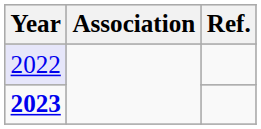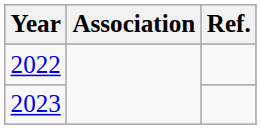 <table class="wikitable">
 <tr>
 <th>Year</th>
 <th>Association</th>
 <th>Ref.</th>
 </tr>
 <tr>
-<td style="background: lavender;"><a href='#'>2022</a></td>
+<td><a href='#'>2022</a></td>
 <td rowspan=2></td>
 <td></td>
 </tr>
 <tr>
-<td><strong><a href='#'>2023</a></strong></td>
+<td><a href='#'>2023</a></td>
 <td></td>
 </tr>
 </table>
